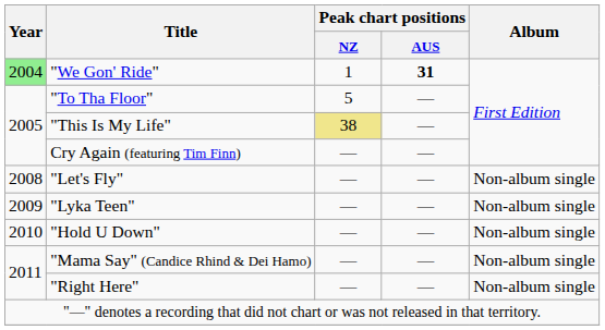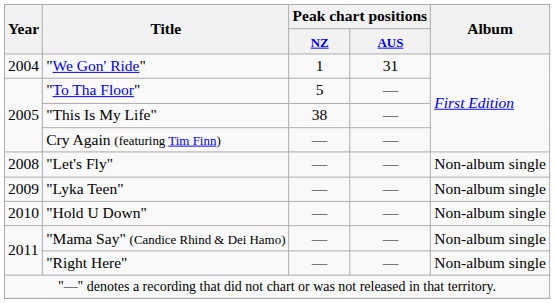 <table class="wikitable plainrowheaders">
 <tr>
 <th rowspan="2"  width="1em">Year</th>
 <th rowspan="2">Title</th>
 <th colspan="2">Peak chart positions</th>
 <th rowspan="2">Album</th>
 </tr>
 <tr>
 <th><small><a href='#'>NZ</a></small></th>
 <th><small><a href='#'>AUS</a></small></th>
 </tr>
 <tr>
-<td style="background: lightgreen;">2004</td>
+<td>2004</td>
 <td>"<a href='#'>We Gon' Ride</a>"</td>
 <td align="center">1</td>
-<td align="center"><strong>31</strong></td>
+<td align="center">31</td>
 <td rowspan="4"><em><a href='#'>First Edition</a></em></td>
 </tr>
 <tr>
 <td rowspan="3">2005</td>
 <td>"<a href='#'>To Tha Floor</a>"</td>
 <td align="center">5</td>
 <td align="center">—</td>
 </tr>
 <tr>
 <td>"This Is My Life"</td>
-<td align="center" style="background: khaki;">38</td>
+<td align="center">38</td>
 <td align="center">—</td>
 </tr>
 <tr>
 <td>Cry Again <small>(featuring <a href='#'>Tim Finn</a>)</small></td>
 <td align="center">—</td>
 <td align="center">—</td>
 </tr>
 <tr>
 <td>2008</td>
 <td>"Let's Fly"</td>
 <td align="center">—</td>
 <td align="center">—</td>
 <td>Non-album single</td>
 </tr>
 <tr>
 <td>2009</td>
 <td>"Lyka Teen"</td>
 <td align="center">—</td>
 <td align="center">—</td>
 <td>Non-album single</td>
 </tr>
 <tr>
 <td>2010</td>
 <td>"Hold U Down"</td>
 <td align="center">—</td>
 <td align="center">—</td>
 <td>Non-album single</td>
 </tr>
 <tr>
 <td rowspan="2">2011</td>
 <td>"Mama Say" <small>(Candice Rhind & Dei Hamo)</small></td>
 <td align="center">—</td>
 <td align="center">—</td>
 <td>Non-album single</td>
 </tr>
 <tr>
 <td>"Right Here"</td>
 <td align="center">—</td>
 <td align="center">—</td>
 <td>Non-album single</td>
 </tr>
 <tr>
 <td colspan="5" style="font-size:90%" align="center">"—" denotes a recording that did not chart or was not released in that territory.</td>
 </tr>
 <tr>
 </tr>
 </table>
